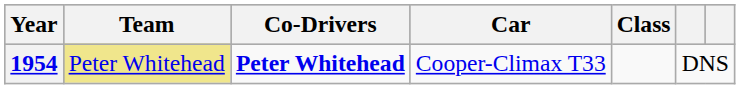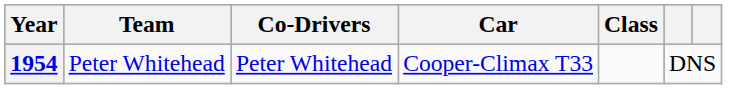 <table class="wikitable" style="text-align:center; font-size:90%">
 <tr>
 <th>Year</th>
 <th>Team</th>
 <th>Co-Drivers</th>
 <th>Car</th>
 <th>Class</th>
 <th></th>
 <th></th>
 </tr>
 <tr>
 <th><a href='#'>1954</a></th>
-<td align="left" style="background: khaki;"> <a href='#'>Peter Whitehead</a></td>
-<td align="left"><strong> <a href='#'>Peter Whitehead</a></strong></td>
+<td align="left"> <a href='#'>Peter Whitehead</a></td>
+<td align="left"> <a href='#'>Peter Whitehead</a></td>
 <td align="left"><a href='#'>Cooper-Climax T33</a></td>
 <td></td>
 <td colspan=2>DNS</td>
 </tr>
 </table>
